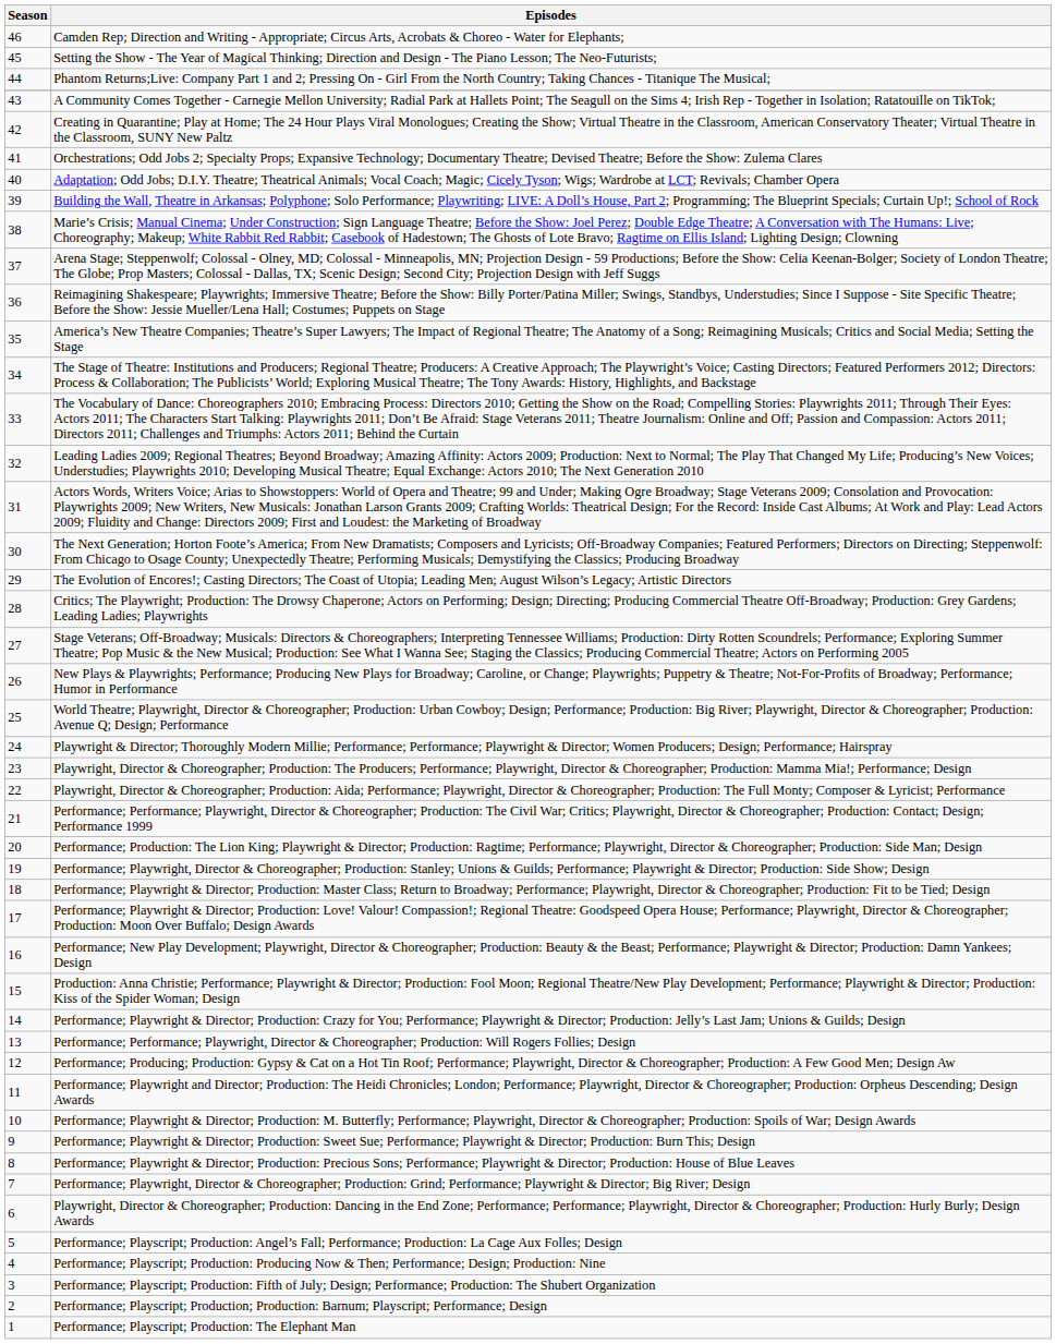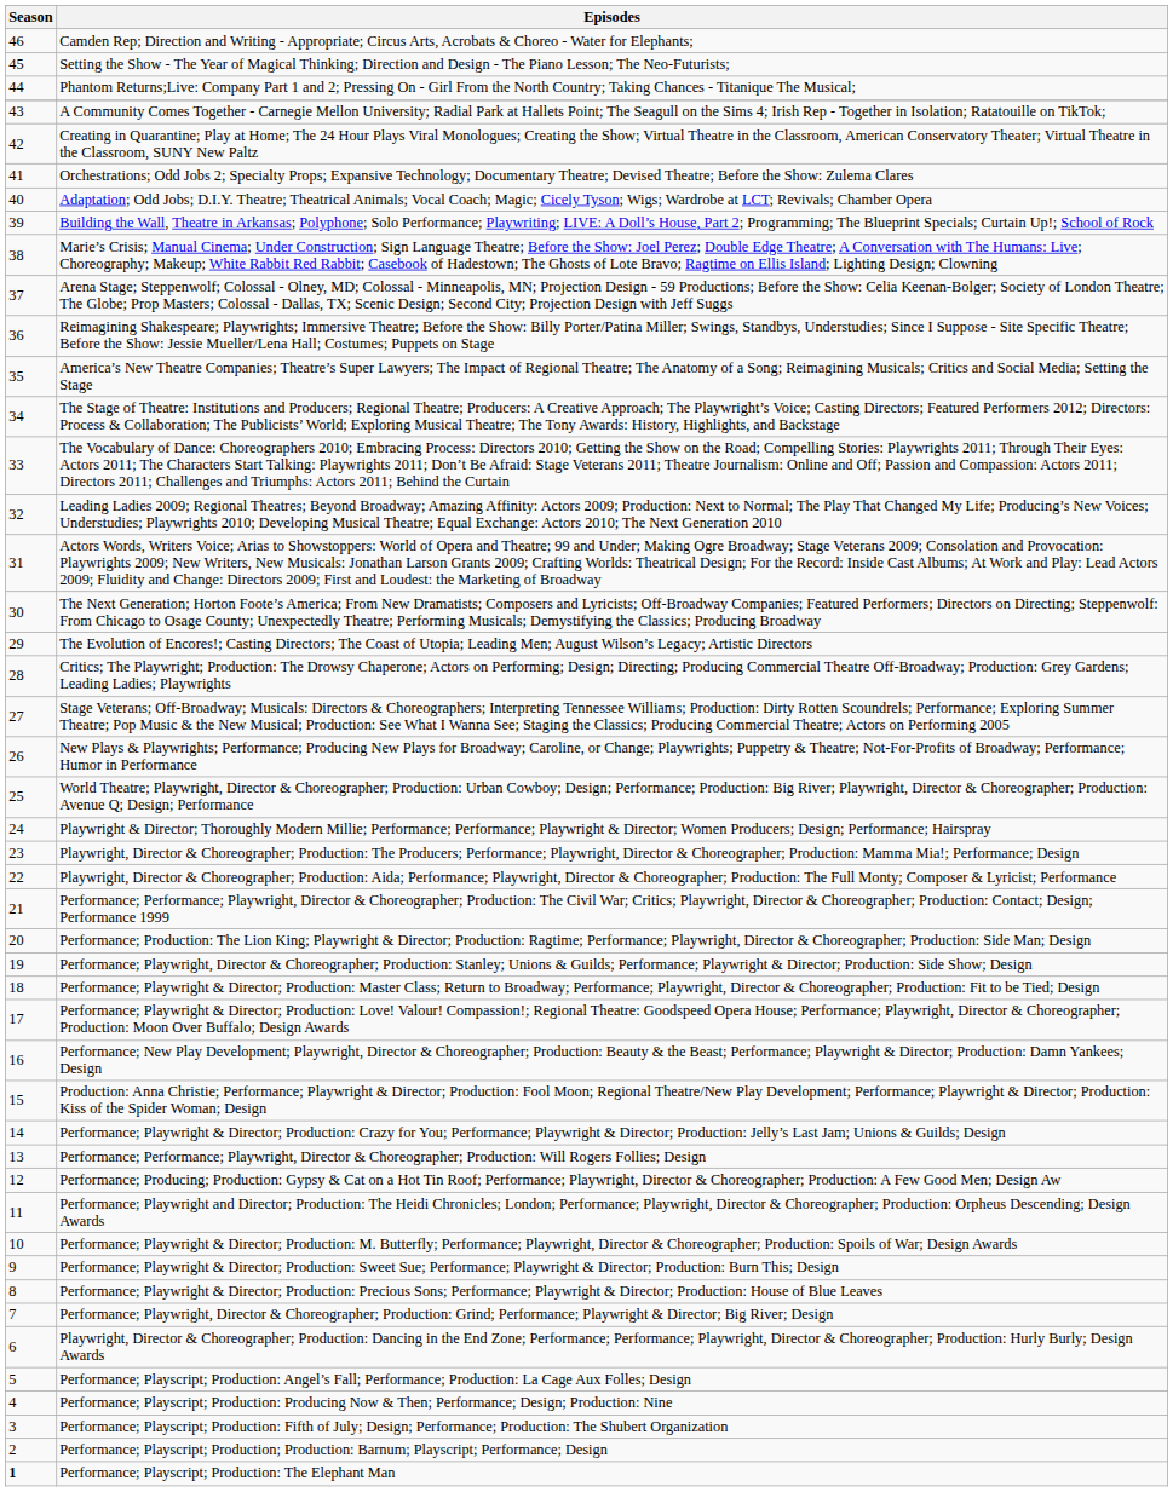 <table class="wikitable">
 <tr>
 <th>Season</th>
 <th>Episodes</th>
 </tr>
 <tr>
 <td>46</td>
 <td>Camden Rep; Direction and Writing - Appropriate; Circus Arts, Acrobats & Choreo - Water for Elephants;</td>
 </tr>
 <tr>
 <td>45</td>
 <td>Setting the Show - The Year of Magical Thinking; Direction and Design - The Piano Lesson; The Neo-Futurists;</td>
 </tr>
 <tr>
 <td>44</td>
 <td>Phantom Returns;Live: Company Part 1 and 2; Pressing On - Girl From the North Country; Taking Chances - Titanique The Musical;</td>
 </tr>
 <tr>
 </tr>
 <tr>
 <td>43</td>
 <td>A Community Comes Together - Carnegie Mellon University; Radial Park at Hallets Point; The Seagull on the Sims 4; Irish Rep - Together in Isolation; Ratatouille on TikTok;</td>
 </tr>
 <tr>
 <td>42</td>
 <td>Creating in Quarantine; Play at Home; The 24 Hour Plays Viral Monologues; Creating the Show; Virtual Theatre in the Classroom, American Conservatory Theater; Virtual Theatre in the Classroom, SUNY New Paltz</td>
 </tr>
 <tr>
 <td>41</td>
 <td>Orchestrations; Odd Jobs 2; Specialty Props; Expansive Technology; Documentary Theatre; Devised Theatre; Before the Show: Zulema Clares</td>
 </tr>
 <tr>
 <td>40</td>
 <td><a href='#'>Adaptation</a>; Odd Jobs; D.I.Y. Theatre; Theatrical Animals; Vocal Coach; Magic; <a href='#'>Cicely Tyson</a>; Wigs; Wardrobe at <a href='#'>LCT</a>; Revivals; Chamber Opera</td>
 </tr>
 <tr>
 <td>39</td>
 <td><a href='#'>Building the Wall</a>, <a href='#'>Theatre in Arkansas</a>; <a href='#'>Polyphone</a>; Solo Performance; <a href='#'>Playwriting</a>; <a href='#'>LIVE: A Doll’s House, Part 2</a>; Programming; The Blueprint Specials; Curtain Up!; <a href='#'>School of Rock</a></td>
 </tr>
 <tr>
 <td>38</td>
 <td>Marie’s Crisis; <a href='#'>Manual Cinema</a>; <a href='#'>Under Construction</a>; Sign Language Theatre; <a href='#'>Before the Show: Joel Perez</a>; <a href='#'>Double Edge Theatre</a>; <a href='#'>A Conversation with The Humans: Live</a>; Choreography; Makeup; <a href='#'>White Rabbit Red Rabbit</a>; <a href='#'>Casebook</a> of Hadestown; The Ghosts of Lote Bravo; <a href='#'>Ragtime on Ellis Island</a>; Lighting Design; Clowning</td>
 </tr>
 <tr>
 <td>37</td>
 <td>Arena Stage; Steppenwolf; Colossal - Olney, MD; Colossal - Minneapolis, MN; Projection Design - 59 Productions; Before the Show: Celia Keenan-Bolger; Society of London Theatre; The Globe; Prop Masters; Colossal - Dallas, TX; Scenic Design; Second City; Projection Design with Jeff Suggs</td>
 </tr>
 <tr>
 <td>36</td>
 <td>Reimagining Shakespeare; Playwrights; Immersive Theatre; Before the Show: Billy Porter/Patina Miller; Swings, Standbys, Understudies; Since I Suppose - Site Specific Theatre; Before the Show: Jessie Mueller/Lena Hall; Costumes; Puppets on Stage</td>
 </tr>
 <tr>
 <td>35</td>
 <td>America’s New Theatre Companies; Theatre’s Super Lawyers; The Impact of Regional Theatre; The Anatomy of a Song; Reimagining Musicals; Critics and Social Media; Setting the Stage</td>
 </tr>
 <tr>
 <td>34</td>
 <td>The Stage of Theatre: Institutions and Producers; Regional Theatre; Producers: A Creative Approach; The Playwright’s Voice; Casting Directors; Featured Performers 2012; Directors: Process & Collaboration; The Publicists’ World; Exploring Musical Theatre; The Tony Awards: History, Highlights, and Backstage</td>
 </tr>
 <tr>
 <td>33</td>
 <td>The Vocabulary of Dance: Choreographers 2010; Embracing Process: Directors 2010; Getting the Show on the Road; Compelling Stories: Playwrights 2011; Through Their Eyes: Actors 2011; The Characters Start Talking: Playwrights 2011; Don’t Be Afraid: Stage Veterans 2011; Theatre Journalism: Online and Off; Passion and Compassion: Actors 2011; Directors 2011; Challenges and Triumphs: Actors 2011; Behind the Curtain</td>
 </tr>
 <tr>
 <td>32</td>
 <td>Leading Ladies 2009; Regional Theatres; Beyond Broadway; Amazing Affinity: Actors 2009; Production: Next to Normal; The Play That Changed My Life; Producing’s New Voices; Understudies; Playwrights 2010; Developing Musical Theatre; Equal Exchange: Actors 2010; The Next Generation 2010</td>
 </tr>
 <tr>
 <td>31</td>
 <td>Actors Words, Writers Voice; Arias to Showstoppers: World of Opera and Theatre; 99 and Under; Making Ogre Broadway; Stage Veterans 2009; Consolation and Provocation: Playwrights 2009; New Writers, New Musicals: Jonathan Larson Grants 2009; Crafting Worlds: Theatrical Design; For the Record: Inside Cast Albums; At Work and Play: Lead Actors 2009; Fluidity and Change: Directors 2009; First and Loudest: the Marketing of Broadway</td>
 </tr>
 <tr>
 <td>30</td>
 <td>The Next Generation; Horton Foote’s America; From New Dramatists; Composers and Lyricists; Off-Broadway Companies; Featured Performers; Directors on Directing; Steppenwolf: From Chicago to Osage County; Unexpectedly Theatre; Performing Musicals; Demystifying the Classics; Producing Broadway</td>
 </tr>
 <tr>
 <td>29</td>
 <td>The Evolution of Encores!; Casting Directors; The Coast of Utopia; Leading Men; August Wilson’s Legacy; Artistic Directors</td>
 </tr>
 <tr>
 <td>28</td>
 <td>Critics; The Playwright; Production: The Drowsy Chaperone; Actors on Performing; Design; Directing; Producing Commercial Theatre Off-Broadway; Production: Grey Gardens; Leading Ladies; Playwrights</td>
 </tr>
 <tr>
 <td>27</td>
 <td>Stage Veterans; Off-Broadway; Musicals: Directors & Choreographers; Interpreting Tennessee Williams; Production: Dirty Rotten Scoundrels; Performance; Exploring Summer Theatre; Pop Music & the New Musical; Production: See What I Wanna See; Staging the Classics; Producing Commercial Theatre; Actors on Performing 2005</td>
 </tr>
 <tr>
 <td>26</td>
 <td>New Plays & Playwrights; Performance; Producing New Plays for Broadway; Caroline, or Change; Playwrights; Puppetry & Theatre; Not-For-Profits of Broadway; Performance; Humor in Performance</td>
 </tr>
 <tr>
 <td>25</td>
 <td>World Theatre; Playwright, Director & Choreographer; Production: Urban Cowboy; Design; Performance; Production: Big River; Playwright, Director & Choreographer; Production: Avenue Q; Design; Performance</td>
 </tr>
 <tr>
 <td>24</td>
 <td>Playwright & Director; Thoroughly Modern Millie; Performance; Performance; Playwright & Director; Women Producers; Design; Performance; Hairspray</td>
 </tr>
 <tr>
 <td>23</td>
 <td>Playwright, Director & Choreographer; Production: The Producers; Performance; Playwright, Director & Choreographer; Production: Mamma Mia!; Performance; Design</td>
 </tr>
 <tr>
 <td>22</td>
 <td>Playwright, Director & Choreographer; Production: Aida; Performance; Playwright, Director & Choreographer; Production: The Full Monty; Composer & Lyricist; Performance</td>
 </tr>
 <tr>
 <td>21</td>
 <td>Performance; Performance; Playwright, Director & Choreographer; Production: The Civil War; Critics; Playwright, Director & Choreographer; Production: Contact; Design; Performance 1999</td>
 </tr>
 <tr>
 <td>20</td>
 <td>Performance; Production: The Lion King; Playwright & Director; Production: Ragtime; Performance; Playwright, Director & Choreographer; Production: Side Man; Design</td>
 </tr>
 <tr>
 <td>19</td>
 <td>Performance; Playwright, Director & Choreographer; Production: Stanley; Unions & Guilds; Performance; Playwright & Director; Production: Side Show; Design</td>
 </tr>
 <tr>
 <td>18</td>
 <td>Performance;  Playwright & Director; Production: Master Class; Return to Broadway; Performance; Playwright, Director & Choreographer; Production: Fit to be Tied; Design</td>
 </tr>
 <tr>
 <td>17</td>
 <td>Performance; Playwright & Director; Production: Love! Valour! Compassion!; Regional Theatre: Goodspeed Opera House; Performance; Playwright, Director & Choreographer; Production: Moon Over Buffalo; Design Awards</td>
 </tr>
 <tr>
 <td>16</td>
 <td>Performance; New Play Development; Playwright, Director & Choreographer; Production: Beauty & the Beast; Performance; Playwright & Director; Production: Damn Yankees; Design</td>
 </tr>
 <tr>
 <td>15</td>
 <td>Production: Anna Christie; Performance; Playwright & Director; Production: Fool Moon; Regional Theatre/New Play Development; Performance; Playwright & Director; Production: Kiss of the Spider Woman; Design</td>
 </tr>
 <tr>
 <td>14</td>
 <td>Performance; Playwright & Director; Production: Crazy for You; Performance; Playwright & Director; Production: Jelly’s Last Jam; Unions & Guilds; Design</td>
 </tr>
 <tr>
 <td>13</td>
 <td>Performance; Performance; Playwright, Director & Choreographer; Production: Will Rogers Follies; Design</td>
 </tr>
 <tr>
 <td>12</td>
 <td>Performance; Producing; Production: Gypsy & Cat on a Hot Tin Roof; Performance; Playwright, Director & Choreographer; Production: A Few Good Men; Design Aw</td>
 </tr>
 <tr>
 <td>11</td>
 <td>Performance; Playwright and Director; Production: The Heidi Chronicles; London; Performance; Playwright, Director & Choreographer; Production: Orpheus Descending; Design Awards</td>
 </tr>
 <tr>
 <td>10</td>
 <td>Performance; Playwright & Director; Production: M. Butterfly; Performance; Playwright, Director & Choreographer; Production: Spoils of War; Design Awards</td>
 </tr>
 <tr>
 <td>9</td>
 <td>Performance; Playwright & Director; Production: Sweet Sue; Performance; Playwright & Director; Production: Burn This; Design</td>
 </tr>
 <tr>
 <td>8</td>
 <td>Performance; Playwright & Director; Production: Precious Sons; Performance; Playwright & Director; Production: House of Blue Leaves</td>
 </tr>
 <tr>
 <td>7</td>
 <td>Performance; Playwright, Director & Choreographer; Production: Grind; Performance; Playwright & Director; Big River; Design</td>
 </tr>
 <tr>
 <td>6</td>
 <td>Playwright, Director & Choreographer; Production: Dancing in the End Zone; Performance; Performance; Playwright, Director & Choreographer; Production: Hurly Burly; Design Awards</td>
 </tr>
 <tr>
 <td>5</td>
 <td>Performance; Playscript; Production: Angel’s Fall; Performance; Production: La Cage Aux Folles; Design</td>
 </tr>
 <tr>
 <td>4</td>
 <td>Performance; Playscript; Production: Producing Now & Then; Performance; Design; Production: Nine</td>
 </tr>
 <tr>
 <td>3</td>
 <td>Performance; Playscript; Production: Fifth of July; Design; Performance; Production: The Shubert Organization</td>
 </tr>
 <tr>
 <td>2</td>
 <td>Performance; Playscript; Production; Production: Barnum; Playscript; Performance; Design</td>
 </tr>
 <tr>
-<td>1</td>
+<td><strong>1</strong></td>
 <td>Performance; Playscript; Production: The Elephant Man</td>
 </tr>
 </table>
